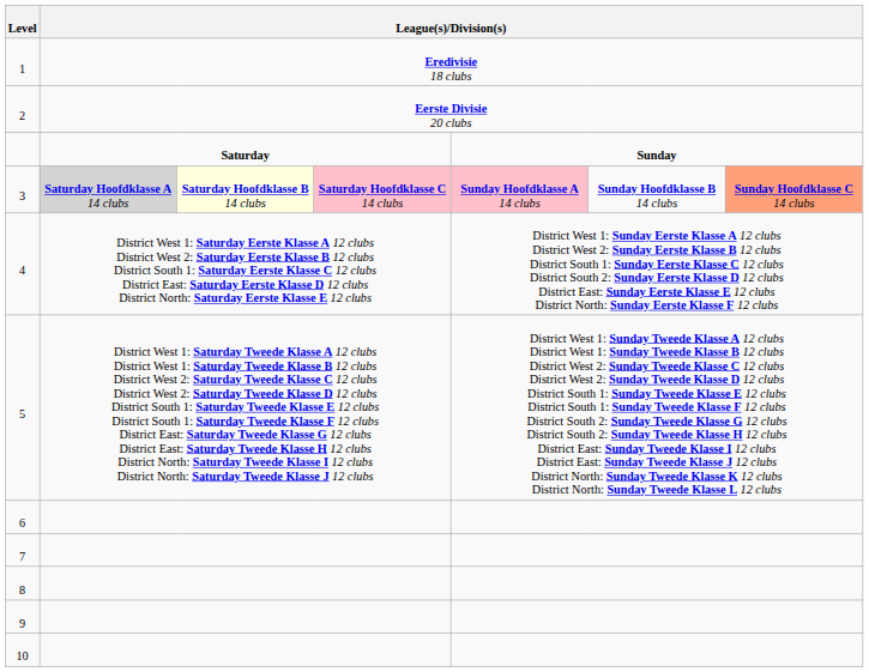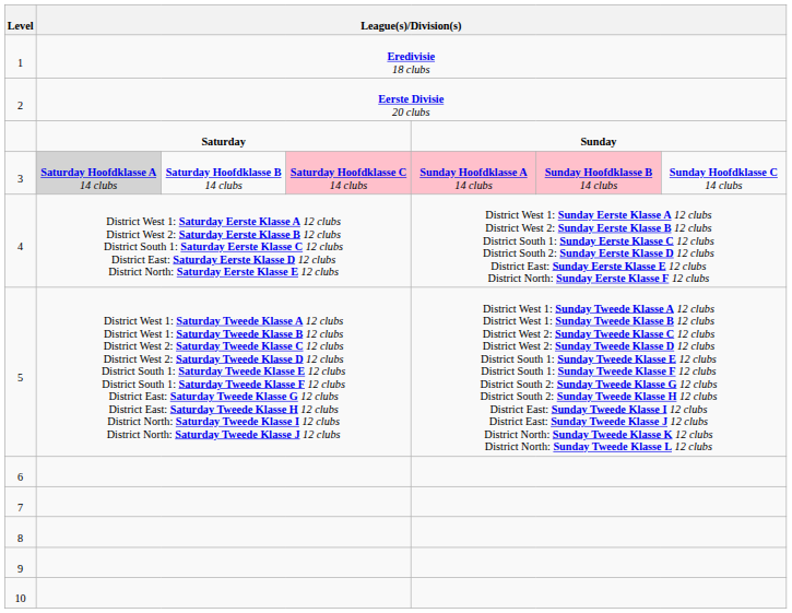 <table class="wikitable" style="text-align: center;">
 <tr>
 <th style="width:4%;"><br>Level</th>
 <th colspan="6" style="width:96%;"><br>League(s)/Division(s)</th>
 </tr>
 <tr>
 <td style="width:4%;"><br>1</td>
 <td colspan="6" style="width:96%;"><br><strong><a href='#'>Eredivisie</a></strong><br> <em>18 clubs</em></td>
 </tr>
 <tr>
 <td style="width:4%;"><br>2</td>
 <td colspan="6" style="width:96%;"><br><strong><a href='#'>Eerste Divisie</a></strong><br> <em>20 clubs</em></td>
 </tr>
 <tr>
 <td style="width:4%;"></td>
 <td colspan="3" style="width:48%;"><br><strong>Saturday</strong></td>
 <td colspan="3" style="width:48%;"><br><strong>Sunday</strong></td>
 </tr>
 <tr>
 <td style="width:4%;"><br>3</td>
 <td style="background: lightgrey; width:16%;"><br><strong><a href='#'>Saturday Hoofdklasse A</a></strong><br> <em>14 clubs</em></td>
-<td style="background: lightyellow; width:16%;"><br><strong><a href='#'>Saturday Hoofdklasse B</a></strong><br> <em>14 clubs</em></td>
+<td style="width:16%;"><br><strong><a href='#'>Saturday Hoofdklasse B</a></strong><br> <em>14 clubs</em></td>
 <td style="background: pink; width:16%;"><br><strong><a href='#'>Saturday Hoofdklasse C</a></strong><br> <em>14 clubs</em></td>
 <td style="background: pink; width:16%;"><br><strong><a href='#'>Sunday Hoofdklasse A</a></strong><br> <em>14 clubs</em></td>
-<td style="width:16%;"><br><strong><a href='#'>Sunday Hoofdklasse B</a></strong><br> <em>14 clubs</em></td>
-<td style="background: lightsalmon; width:16%;"><br><strong><a href='#'>Sunday Hoofdklasse C</a></strong><br> <em>14 clubs</em></td>
+<td style="background: pink; width:16%;"><br><strong><a href='#'>Sunday Hoofdklasse B</a></strong><br> <em>14 clubs</em></td>
+<td style="width:16%;"><br><strong><a href='#'>Sunday Hoofdklasse C</a></strong><br> <em>14 clubs</em></td>
 </tr>
 <tr>
 <td style="width:4%;"><br>4</td>
 <td colspan="3" style="width:48%;"><br>District West 1: <strong><a href='#'>Saturday Eerste Klasse A</a></strong> <em>12 clubs</em> <br> District West 2: <strong><a href='#'>Saturday Eerste Klasse B</a></strong> <em>12 clubs</em> <br> District South 1: <strong><a href='#'>Saturday Eerste Klasse C</a></strong> <em>12 clubs</em> <br> District East: <strong><a href='#'>Saturday Eerste Klasse D</a></strong> <em>12 clubs</em> <br> District North: <strong><a href='#'>Saturday Eerste Klasse E</a></strong> <em>12 clubs</em> <br> </td>
 <td colspan="3" style="width:48%;"><br>District West 1: <strong><a href='#'>Sunday Eerste Klasse A</a></strong> <em>12 clubs</em> <br> District West 2: <strong><a href='#'>Sunday Eerste Klasse B</a></strong> <em>12 clubs</em> <br> District South 1: <strong><a href='#'>Sunday Eerste Klasse C</a></strong> <em>12 clubs</em> <br> District South 2: <strong><a href='#'>Sunday Eerste Klasse D</a></strong> <em>12 clubs</em> <br> District East: <strong><a href='#'>Sunday Eerste Klasse E</a></strong> <em>12 clubs</em> <br> District North: <strong><a href='#'>Sunday Eerste Klasse F</a></strong> <em>12 clubs</em> <br> </td>
 </tr>
 <tr>
 <td style="width:4%;"><br>5</td>
 <td colspan="3" style="width:48%;"><br>District West 1: <strong><a href='#'>Saturday Tweede Klasse A</a></strong> <em>12 clubs</em> <br> District West 1: <strong><a href='#'>Saturday Tweede Klasse B</a></strong> <em>12 clubs</em> <br> District West 2: <strong><a href='#'>Saturday Tweede Klasse C</a></strong> <em>12 clubs</em> <br> District West 2: <strong><a href='#'>Saturday Tweede Klasse D</a></strong> <em>12 clubs</em> <br> District South 1: <strong><a href='#'>Saturday Tweede Klasse E</a></strong> <em>12 clubs</em> <br> District South 1: <strong><a href='#'>Saturday Tweede Klasse F</a></strong> <em>12 clubs</em> <br> District East: <strong><a href='#'>Saturday Tweede Klasse G</a></strong> <em>12 clubs</em> <br> District East: <strong><a href='#'>Saturday Tweede Klasse H</a></strong> <em>12 clubs</em> <br> District North: <strong><a href='#'>Saturday Tweede Klasse I</a></strong> <em>12 clubs</em> <br> District North: <strong><a href='#'>Saturday Tweede Klasse J</a></strong> <em>12 clubs</em> <br> </td>
 <td colspan="3" style="width:48%;"><br>District West 1: <strong><a href='#'>Sunday Tweede Klasse A</a></strong> <em>12 clubs</em> <br> District West 1: <strong><a href='#'>Sunday Tweede Klasse B</a></strong> <em>12 clubs</em> <br> District West 2: <strong><a href='#'>Sunday Tweede Klasse C</a></strong> <em>12 clubs</em> <br> District West 2: <strong><a href='#'>Sunday Tweede Klasse D</a></strong> <em>12 clubs</em> <br> District South 1: <strong><a href='#'>Sunday Tweede Klasse E</a></strong> <em>12 clubs</em> <br> District South 1: <strong><a href='#'>Sunday Tweede Klasse F</a></strong> <em>12 clubs</em> <br> District South 2: <strong><a href='#'>Sunday Tweede Klasse G</a></strong> <em>12 clubs</em> <br> District South 2: <strong><a href='#'>Sunday Tweede Klasse H</a></strong> <em>12 clubs</em> <br> District East: <strong><a href='#'>Sunday Tweede Klasse I</a></strong> <em>12 clubs</em> <br> District East: <strong><a href='#'>Sunday Tweede Klasse J</a></strong> <em>12 clubs</em> <br> District North: <strong><a href='#'>Sunday Tweede Klasse K</a></strong> <em>12 clubs</em> <br> District North: <strong><a href='#'>Sunday Tweede Klasse L</a></strong> <em>12 clubs</em> <br> </td>
 </tr>
 <tr>
 <td style="width:4%;"><br>6</td>
 <td colspan="3" style="width:48%;"><br></td>
 <td colspan="3" style="width:48%;"><br></td>
 </tr>
 <tr>
 <td style="width:4%;"><br>7</td>
 <td colspan="3" style="width:48%;"><br></td>
 <td colspan="3" style="width:48%;"><br></td>
 </tr>
 <tr>
 <td style="width:4%;"><br>8</td>
 <td colspan="3" style="width:48%;"><br></td>
 <td colspan="3" style="width:48%;"><br></td>
 </tr>
 <tr>
 <td style="width:4%;"><br>9</td>
 <td colspan="3" style="width:48%;"><br></td>
 <td colspan="3" style="width:48%;"><br></td>
 </tr>
 <tr>
 <td style="width:4%;"><br>10</td>
 <td colspan="3" style="width:48%;"></td>
 <td colspan="3" style="width:48%;"><br></td>
 </tr>
 </table>
